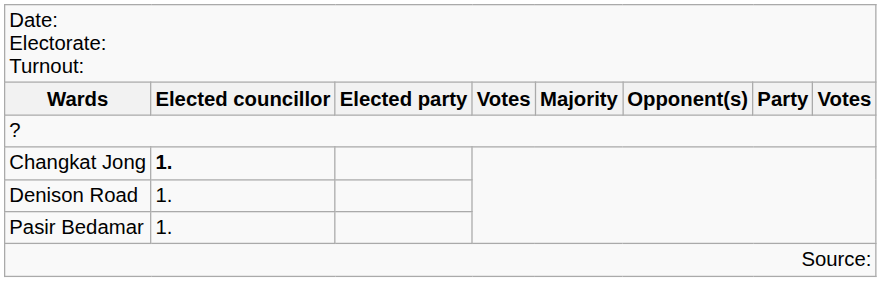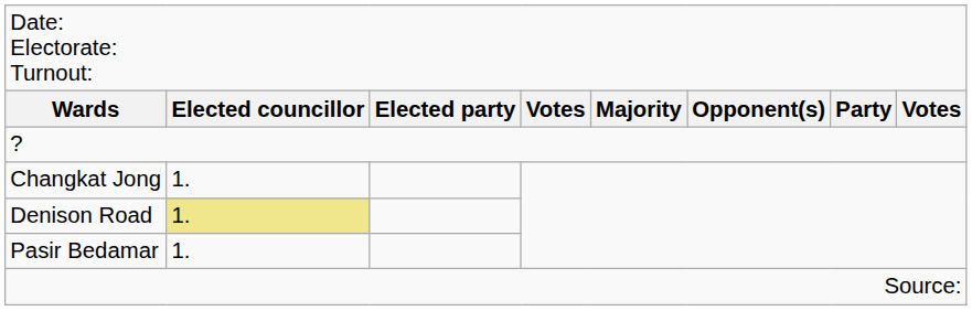 <table class=wikitable>
 <tr>
 <td colspan=8>Date: <br>Electorate: <br>Turnout:</td>
 </tr>
 <tr>
 <th>Wards</th>
 <th>Elected councillor</th>
 <th>Elected party</th>
 <th>Votes</th>
 <th>Majority</th>
 <th>Opponent(s)</th>
 <th>Party</th>
 <th>Votes</th>
 </tr>
 <tr>
 <td colspan=8>? </td>
 </tr>
 <tr>
 <td>Changkat Jong</td>
-<td><strong>1.</strong></td>
+<td>1.</td>
 <td></td>
 </tr>
 <tr>
 <td>Denison Road</td>
-<td>1.</td>
+<td style="background: khaki;">1.</td>
 <td></td>
 </tr>
 <tr>
 <td>Pasir Bedamar</td>
 <td>1.</td>
 <td></td>
 </tr>
 <tr>
 <td colspan=8 align=right>Source:</td>
 </tr>
 </table>
